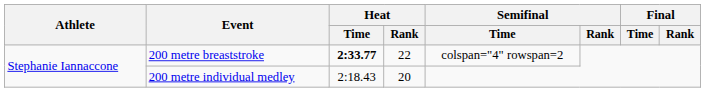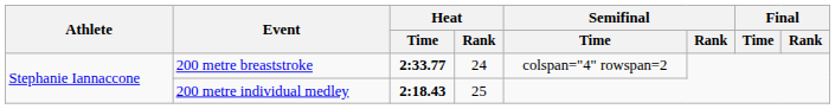 <table class="wikitable" style="text-align:center; font-size:90%; width:50%;">
 <tr>
 <th rowspan="2">Athlete</th>
 <th rowspan="2">Event</th>
 <th colspan="2">Heat</th>
 <th colspan="2">Semifinal</th>
 <th colspan="2">Final</th>
 </tr>
 <tr style="font-size:95%">
 <th>Time</th>
 <th>Rank</th>
 <th>Time</th>
 <th>Rank</th>
 <th>Time</th>
 <th>Rank</th>
 </tr>
 <tr align=center>
 <td align=left rowspan=2><a href='#'>Stephanie Iannaccone</a></td>
 <td align=left><a href='#'>200 metre breaststroke</a></td>
 <td><strong>2:33.77</strong></td>
-<td>22</td>
+<td>24</td>
 <td>colspan="4" rowspan=2 </td>
 </tr>
 <tr align=center>
 <td align=left><a href='#'>200 metre individual medley</a></td>
-<td>2:18.43</td>
-<td>20</td>
+<td><strong>2:18.43</strong></td>
+<td>25</td>
 </tr>
 </table>
